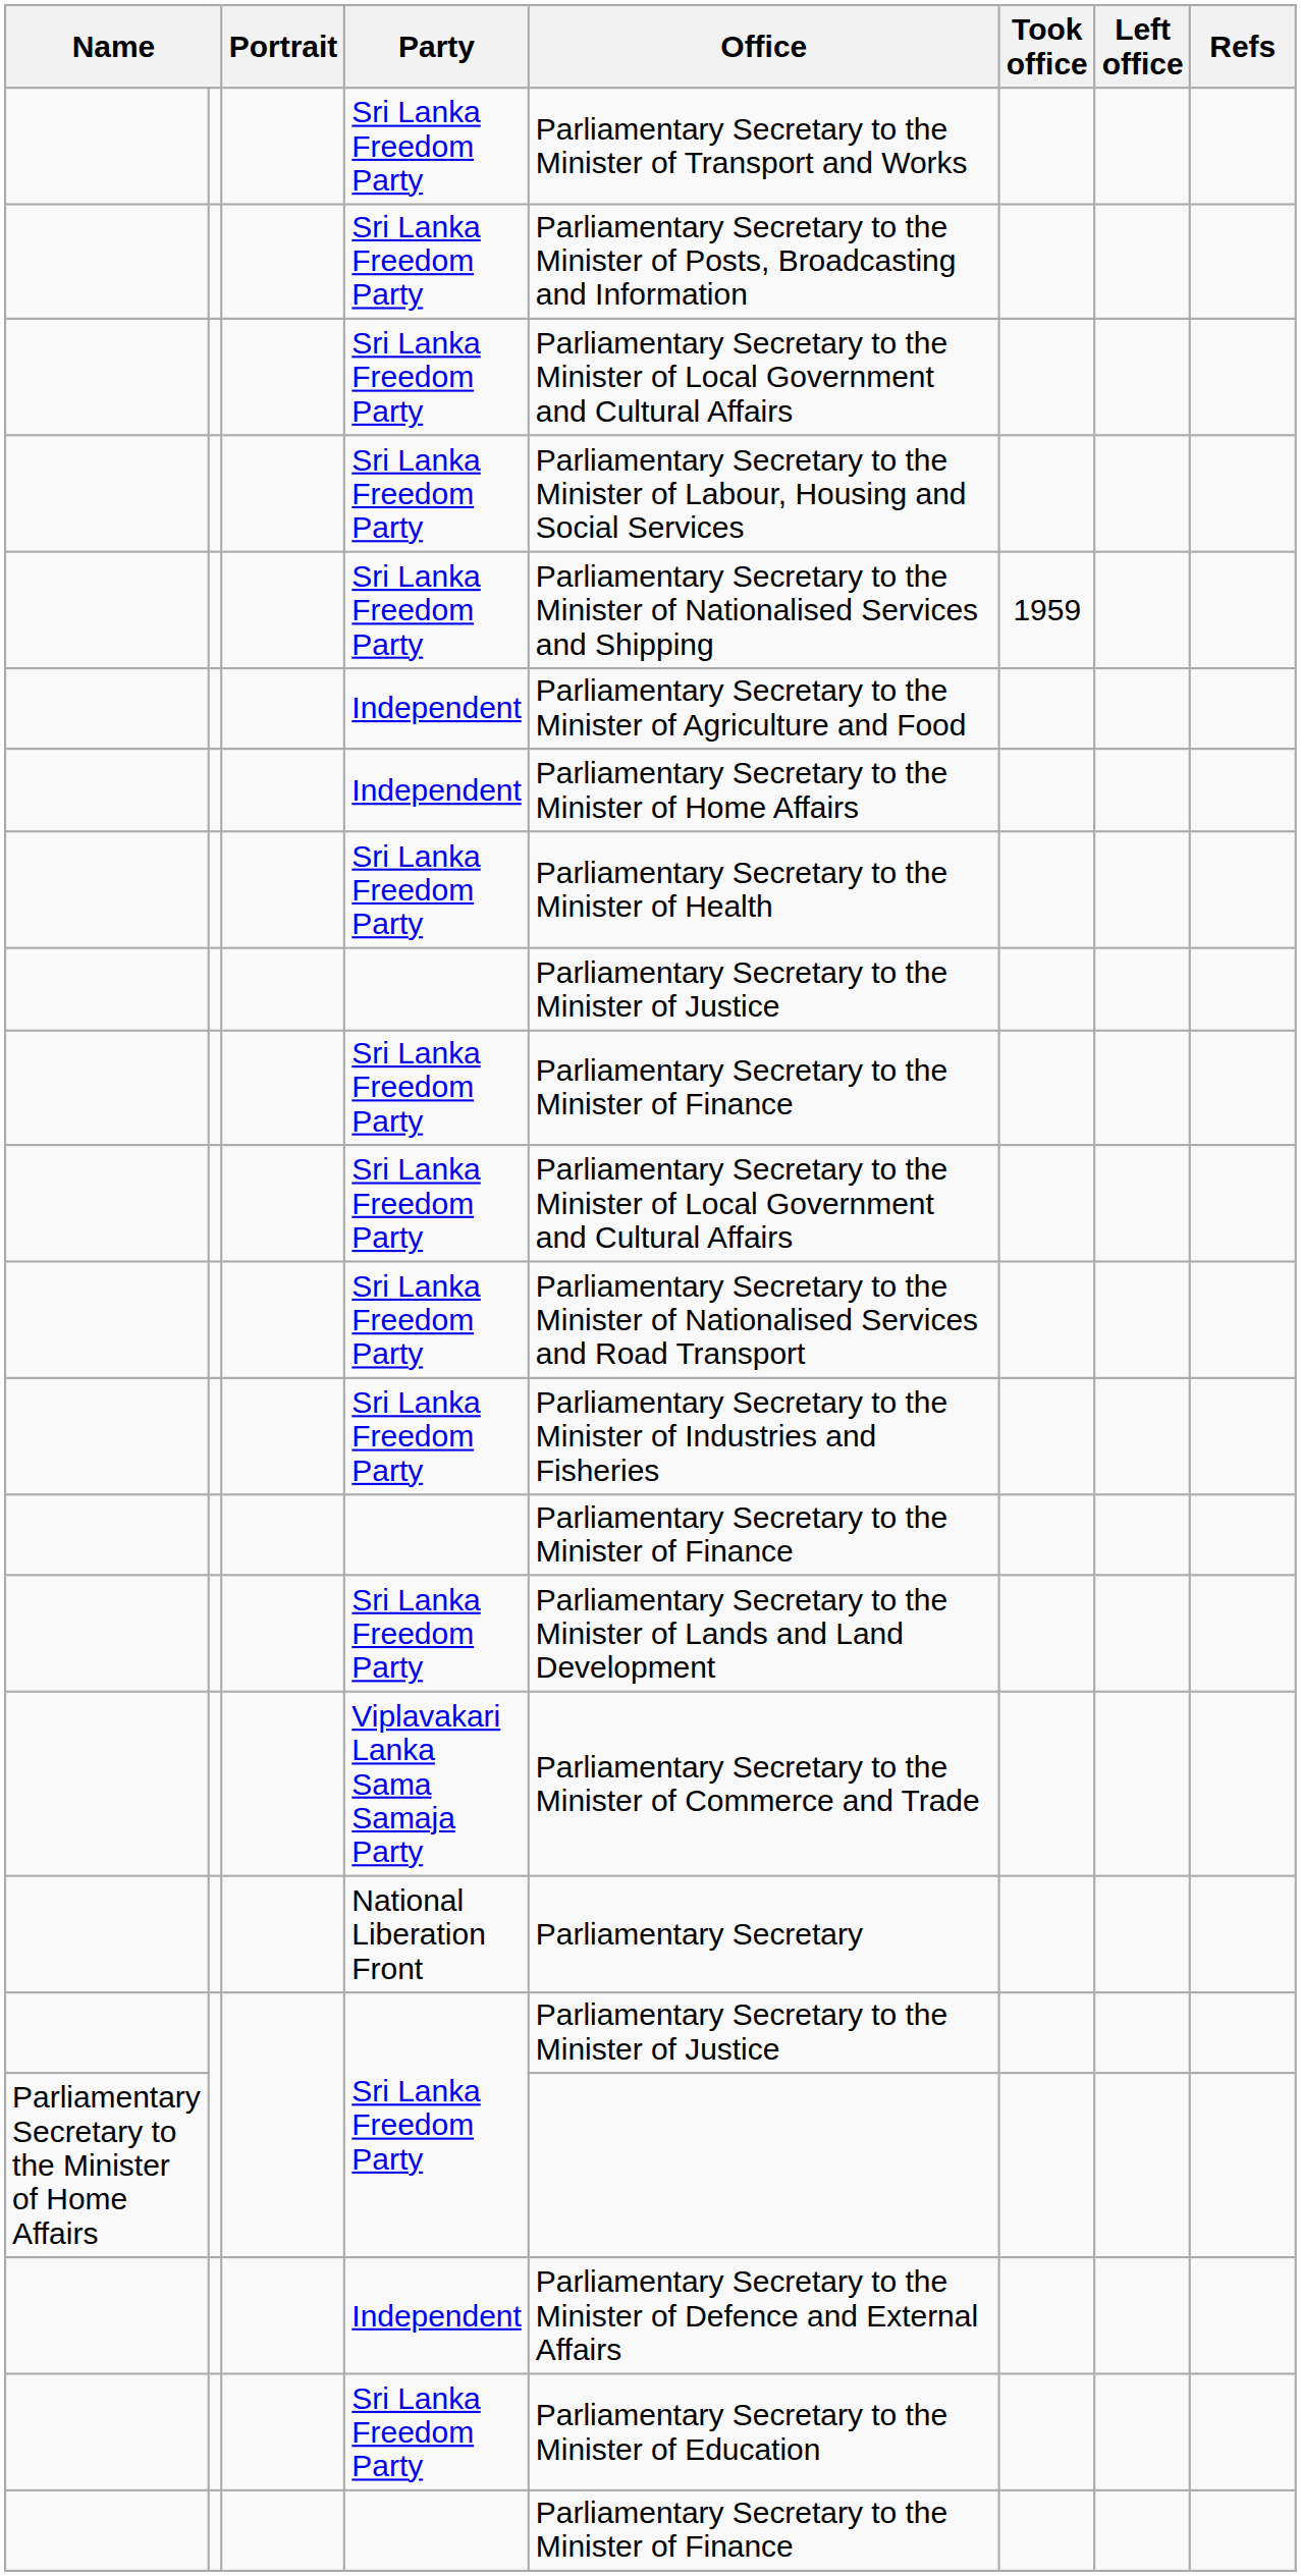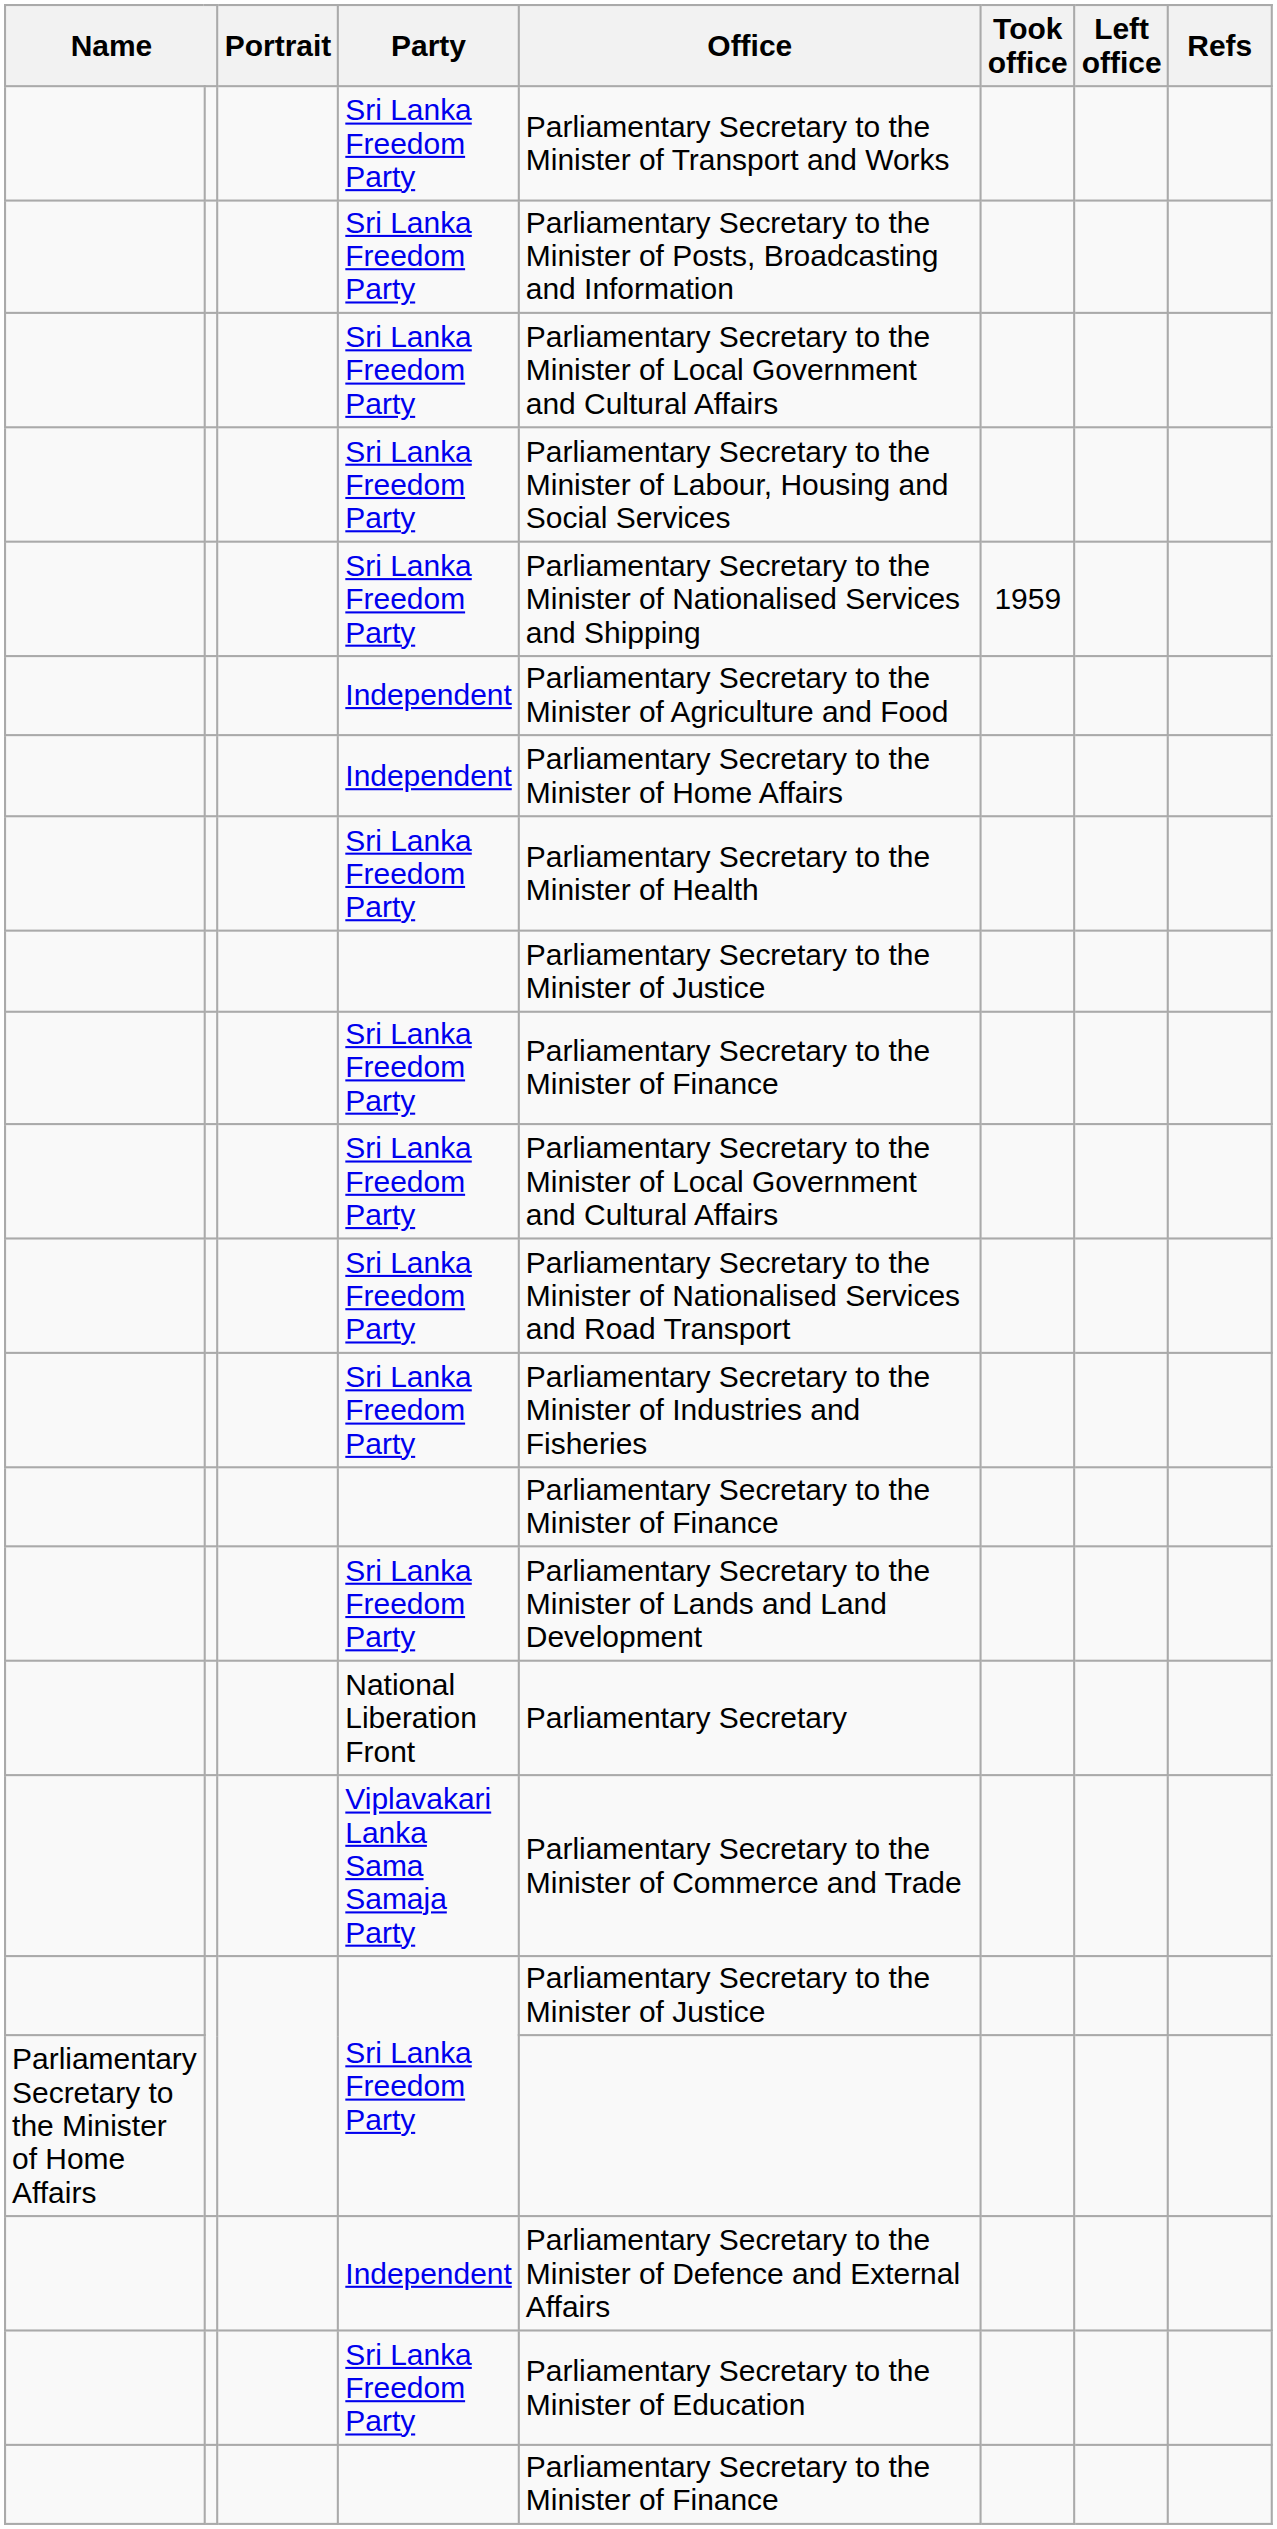 <table class="wikitable plainrowheaders sortable" style="font-size:90%; text-align:left;">
 <tr>
 <th scope=col colspan="2">Name</th>
 <th scope=col class=unsortable>Portrait</th>
 <th scope=col>Party</th>
 <th scope=col width=300px>Office</th>
 <th scope=col>Took office</th>
 <th scope=col>Left office</th>
 <th scope=col width=50px class=unsortable>Refs</th>
 </tr>
 <tr>
 <td !align="center" style="background:"></td>
 <td></td>
 <td align=center></td>
 <td><a href='#'>Sri Lanka Freedom Party</a></td>
 <td>Parliamentary Secretary to the Minister of Transport and Works</td>
 <td align=center></td>
 <td align=center></td>
 <td align=center></td>
 </tr>
 <tr>
 <td !align="center" style="background:"></td>
 <td></td>
 <td align=center></td>
 <td><a href='#'>Sri Lanka Freedom Party</a></td>
 <td>Parliamentary Secretary to the Minister of Posts, Broadcasting and Information</td>
 <td align=center></td>
 <td align=center></td>
 <td align=center></td>
 </tr>
 <tr>
 <td !align="center" style="background:"></td>
 <td></td>
 <td align=center></td>
 <td><a href='#'>Sri Lanka Freedom Party</a></td>
 <td>Parliamentary Secretary to the Minister of Local Government and Cultural Affairs</td>
 <td align=center></td>
 <td align=center></td>
 <td align=center></td>
 </tr>
 <tr>
 <td !align="center" style="background:"></td>
 <td></td>
 <td align=center></td>
 <td><a href='#'>Sri Lanka Freedom Party</a></td>
 <td>Parliamentary Secretary to the Minister of Labour, Housing and Social Services</td>
 <td align=center></td>
 <td align=center></td>
 <td align=center></td>
 </tr>
 <tr>
 <td !align="center" style="background:"></td>
 <td></td>
 <td align=center></td>
 <td><a href='#'>Sri Lanka Freedom Party</a></td>
 <td>Parliamentary Secretary to the Minister of Nationalised Services and Shipping</td>
 <td align=center>1959</td>
 <td align=center></td>
 <td align=center></td>
 </tr>
 <tr>
 <td !align="center" style="background:"></td>
 <td></td>
 <td align=center></td>
 <td><a href='#'>Independent</a></td>
 <td>Parliamentary Secretary to the Minister of Agriculture and Food</td>
 <td align=center></td>
 <td align=center></td>
 <td align=center></td>
 </tr>
 <tr>
 <td !align="center" style="background:"></td>
 <td></td>
 <td align=center></td>
 <td><a href='#'>Independent</a></td>
 <td>Parliamentary Secretary to the Minister of Home Affairs</td>
 <td align=center></td>
 <td align=center></td>
 <td align=center></td>
 </tr>
 <tr>
 <td !align="center" style="background:"></td>
 <td></td>
 <td align=center></td>
 <td><a href='#'>Sri Lanka Freedom Party</a></td>
 <td>Parliamentary Secretary to the Minister of Health</td>
 <td align=center></td>
 <td align=center></td>
 <td align=center></td>
 </tr>
 <tr>
 <td></td>
 <td></td>
 <td align=center></td>
 <td></td>
 <td>Parliamentary Secretary to the Minister of Justice</td>
 <td align=center></td>
 <td align=center></td>
 <td align=center></td>
 </tr>
 <tr>
 <td !align="center" style="background:"></td>
 <td></td>
 <td align=center></td>
 <td><a href='#'>Sri Lanka Freedom Party</a></td>
 <td>Parliamentary Secretary to the Minister of Finance</td>
 <td align=center></td>
 <td align=center></td>
 <td align=center></td>
 </tr>
 <tr>
 <td !align="center" style="background:"></td>
 <td></td>
 <td align=center></td>
 <td><a href='#'>Sri Lanka Freedom Party</a></td>
 <td>Parliamentary Secretary to the Minister of Local Government and Cultural Affairs</td>
 <td align=center></td>
 <td align=center></td>
 <td align=center></td>
 </tr>
 <tr>
 <td !align="center" style="background:"></td>
 <td></td>
 <td align=center></td>
 <td><a href='#'>Sri Lanka Freedom Party</a></td>
 <td>Parliamentary Secretary to the Minister of Nationalised Services and Road Transport</td>
 <td align=center></td>
 <td align=center></td>
 <td align=center></td>
 </tr>
 <tr>
 <td !align="center" style="background:"></td>
 <td></td>
 <td align=center></td>
 <td><a href='#'>Sri Lanka Freedom Party</a></td>
 <td>Parliamentary Secretary to the Minister of Industries and Fisheries</td>
 <td align=center></td>
 <td align=center></td>
 <td align=center></td>
 </tr>
 <tr>
 <td></td>
 <td></td>
 <td align=center></td>
 <td></td>
 <td>Parliamentary Secretary to the Minister of Finance</td>
 <td align=center></td>
 <td align=center></td>
 <td align=center></td>
 </tr>
 <tr>
 <td !align="center" style="background:"></td>
 <td></td>
 <td align=center></td>
 <td><a href='#'>Sri Lanka Freedom Party</a></td>
 <td>Parliamentary Secretary to the Minister of Lands and Land Development</td>
 <td align=center></td>
 <td align=center></td>
 <td align=center></td>
 </tr>
 <tr>
 <td !align="center" style="background:"></td>
 <td></td>
 <td align=center></td>
-<td><a href='#'>Viplavakari Lanka Sama Samaja Party</a></td>
-<td>Parliamentary Secretary to the Minister of Commerce and Trade</td>
+<td>National Liberation Front</td>
+<td>Parliamentary Secretary</td>
 <td align=center></td>
 <td align=center></td>
 <td align=center></td>
 </tr>
 <tr>
 <td !align="center" style="background:"></td>
 <td></td>
 <td align=center></td>
-<td>National Liberation Front</td>
-<td>Parliamentary Secretary</td>
+<td><a href='#'>Viplavakari Lanka Sama Samaja Party</a></td>
+<td>Parliamentary Secretary to the Minister of Commerce and Trade</td>
 <td align=center></td>
 <td align=center></td>
 <td align=center></td>
 </tr>
 <tr>
 <td !align="center" style="background:"></td>
 <td rowspan=2></td>
 <td align=center rowspan=2></td>
 <td rowspan=2><a href='#'>Sri Lanka Freedom Party</a></td>
 <td>Parliamentary Secretary to the Minister of Justice</td>
 <td align=center></td>
 <td align=center></td>
 <td align=center></td>
 </tr>
 <tr>
 <td>Parliamentary Secretary to the Minister of Home Affairs</td>
 <td align=center></td>
 <td align=center></td>
 <td align=center></td>
 </tr>
 <tr>
 <td !align="center" style="background:"></td>
 <td></td>
 <td align=center></td>
 <td><a href='#'>Independent</a></td>
 <td>Parliamentary Secretary to the Minister of Defence and External Affairs</td>
 <td align=center></td>
 <td align=center></td>
 <td align=center></td>
 </tr>
 <tr>
 <td !align="center" style="background:"></td>
 <td></td>
 <td align=center></td>
 <td><a href='#'>Sri Lanka Freedom Party</a></td>
 <td>Parliamentary Secretary to the Minister of Education</td>
 <td align=center></td>
 <td align=center></td>
 <td align=center></td>
 </tr>
 <tr>
 <td></td>
 <td></td>
 <td align=center></td>
 <td></td>
 <td>Parliamentary Secretary to the Minister of Finance</td>
 <td align=center></td>
 <td align=center></td>
 <td align=center></td>
 </tr>
 </table>
